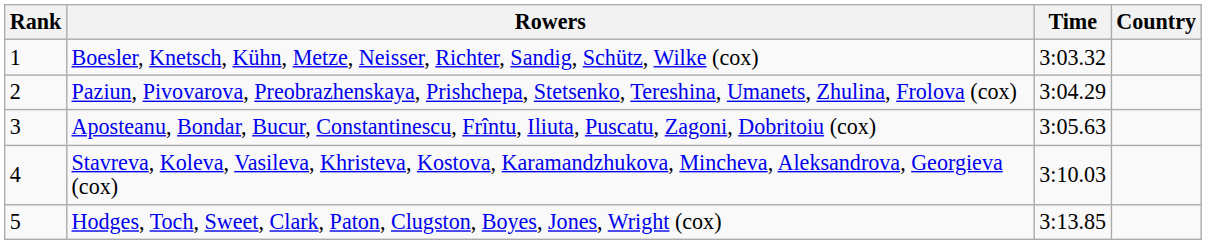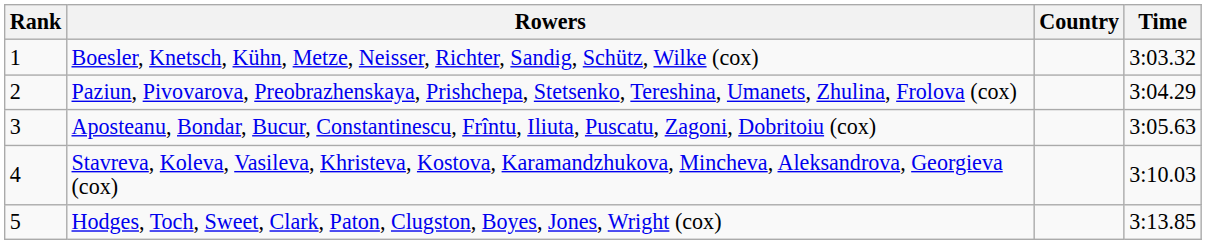 <table class="wikitable">
 <tr>
 <th>Rank</th>
 <th>Rowers</th>
+<th>Country</th>
 <th>Time</th>
-<th>Country</th>
 </tr>
 <tr>
 <td>1</td>
 <td><a href='#'>Boesler</a>, <a href='#'>Knetsch</a>, <a href='#'>Kühn</a>, <a href='#'>Metze</a>, <a href='#'>Neisser</a>, <a href='#'>Richter</a>, <a href='#'>Sandig</a>, <a href='#'>Schütz</a>, <a href='#'>Wilke</a> (cox)</td>
+<td></td>
 <td>3:03.32</td>
-<td></td>
 </tr>
 <tr>
 <td>2</td>
 <td><a href='#'>Paziun</a>, <a href='#'>Pivovarova</a>, <a href='#'>Preobrazhenskaya</a>, <a href='#'>Prishchepa</a>, <a href='#'>Stetsenko</a>, <a href='#'>Tereshina</a>, <a href='#'>Umanets</a>, <a href='#'>Zhulina</a>, <a href='#'>Frolova</a> (cox)</td>
+<td></td>
 <td>3:04.29</td>
-<td></td>
 </tr>
 <tr>
 <td>3</td>
 <td><a href='#'>Aposteanu</a>, <a href='#'>Bondar</a>, <a href='#'>Bucur</a>, <a href='#'>Constantinescu</a>, <a href='#'>Frîntu</a>, <a href='#'>Iliuta</a>, <a href='#'>Puscatu</a>, <a href='#'>Zagoni</a>, <a href='#'>Dobritoiu</a> (cox)</td>
+<td></td>
 <td>3:05.63</td>
-<td></td>
 </tr>
 <tr>
 <td>4</td>
 <td><a href='#'>Stavreva</a>, <a href='#'>Koleva</a>, <a href='#'>Vasileva</a>, <a href='#'>Khristeva</a>, <a href='#'>Kostova</a>, <a href='#'>Karamandzhukova</a>, <a href='#'>Mincheva</a>, <a href='#'>Aleksandrova</a>, <a href='#'>Georgieva</a> (cox)</td>
+<td></td>
 <td>3:10.03</td>
-<td></td>
 </tr>
 <tr>
 <td>5</td>
 <td><a href='#'>Hodges</a>, <a href='#'>Toch</a>, <a href='#'>Sweet</a>, <a href='#'>Clark</a>, <a href='#'>Paton</a>, <a href='#'>Clugston</a>, <a href='#'>Boyes</a>, <a href='#'>Jones</a>, <a href='#'>Wright</a> (cox)</td>
+<td></td>
 <td>3:13.85</td>
-<td></td>
 </tr>
 </table>
